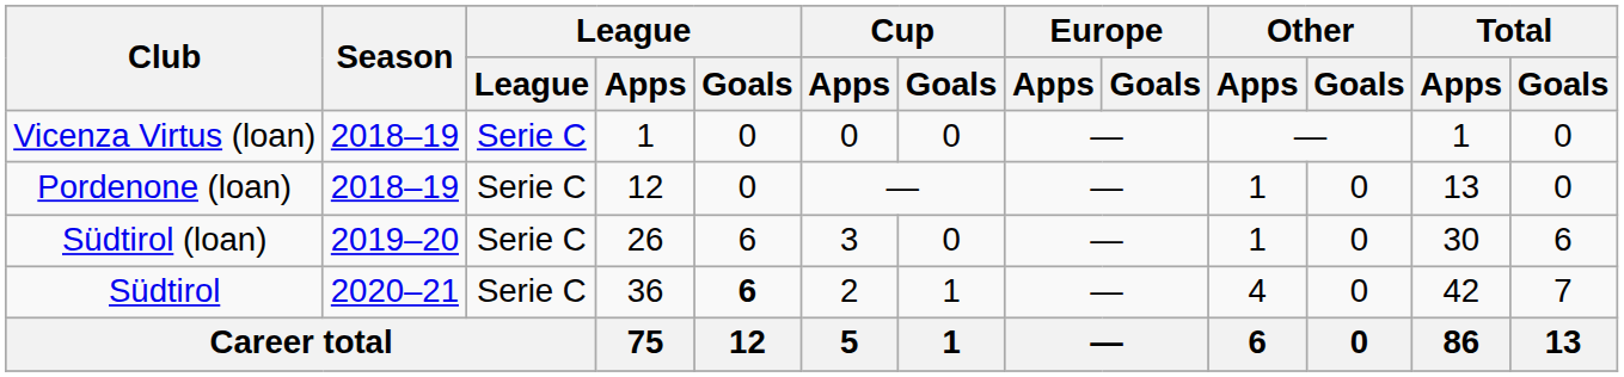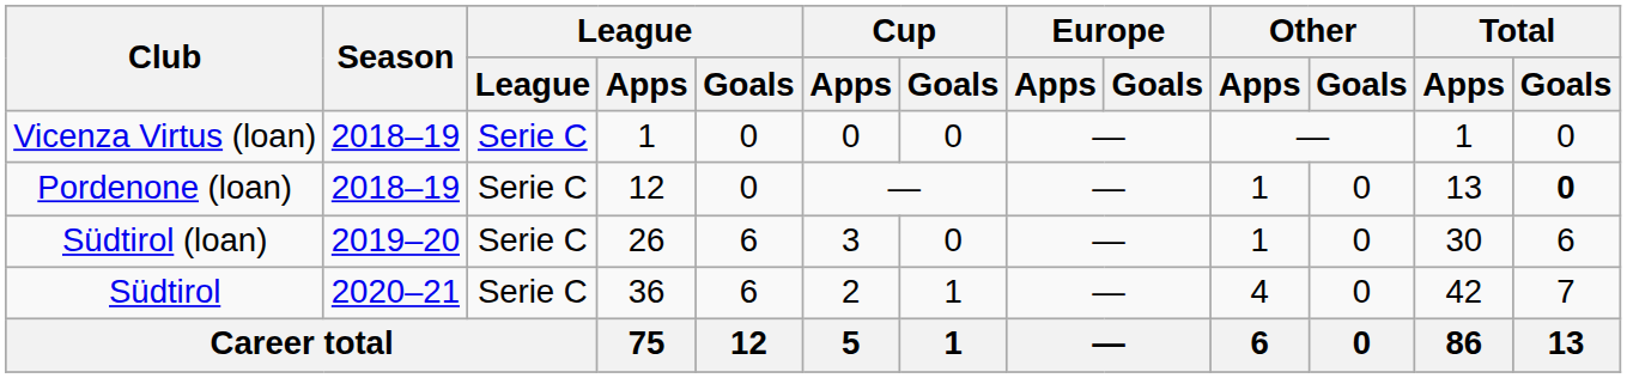 <table class="wikitable" style="text-align: center;">
 <tr>
 <th rowspan="2">Club</th>
 <th rowspan="2">Season</th>
 <th colspan="3">League</th>
 <th colspan="2">Cup</th>
 <th colspan="2">Europe</th>
 <th colspan="2">Other</th>
 <th colspan="2">Total</th>
 </tr>
 <tr>
 <th>League</th>
 <th>Apps</th>
 <th>Goals</th>
 <th>Apps</th>
 <th>Goals</th>
 <th>Apps</th>
 <th>Goals</th>
 <th>Apps</th>
 <th>Goals</th>
 <th>Apps</th>
 <th>Goals</th>
 </tr>
 <tr>
 <td><a href='#'>Vicenza Virtus</a> (loan)</td>
 <td><a href='#'>2018–19</a></td>
 <td><a href='#'>Serie C</a></td>
 <td>1</td>
 <td>0</td>
 <td>0</td>
 <td>0</td>
 <td colspan="2">—</td>
 <td colspan="2">—</td>
 <td>1</td>
 <td>0</td>
 </tr>
 <tr>
 <td><a href='#'>Pordenone</a> (loan)</td>
 <td><a href='#'>2018–19</a></td>
 <td>Serie C</td>
 <td>12</td>
 <td>0</td>
 <td colspan="2">—</td>
 <td colspan="2">—</td>
 <td>1</td>
 <td>0</td>
 <td>13</td>
-<td>0</td>
+<td><strong>0</strong></td>
 </tr>
 <tr>
 <td><a href='#'>Südtirol</a> (loan)</td>
 <td><a href='#'>2019–20</a></td>
 <td>Serie C</td>
 <td>26</td>
 <td>6</td>
 <td>3</td>
 <td>0</td>
 <td colspan="2">—</td>
 <td>1</td>
 <td>0</td>
 <td>30</td>
 <td>6</td>
 </tr>
 <tr>
 <td><a href='#'>Südtirol</a></td>
 <td><a href='#'>2020–21</a></td>
 <td>Serie C</td>
 <td>36</td>
-<td><strong>6</strong></td>
+<td>6</td>
 <td>2</td>
 <td>1</td>
 <td colspan="2">—</td>
 <td>4</td>
 <td>0</td>
 <td>42</td>
 <td>7</td>
 </tr>
 <tr>
 <th colspan="3">Career total</th>
 <th>75</th>
 <th>12</th>
 <th 0>5</th>
 <th>1</th>
 <th colspan="2">—</th>
 <th>6</th>
 <th>0</th>
 <th>86</th>
 <th>13</th>
 </tr>
 </table>
